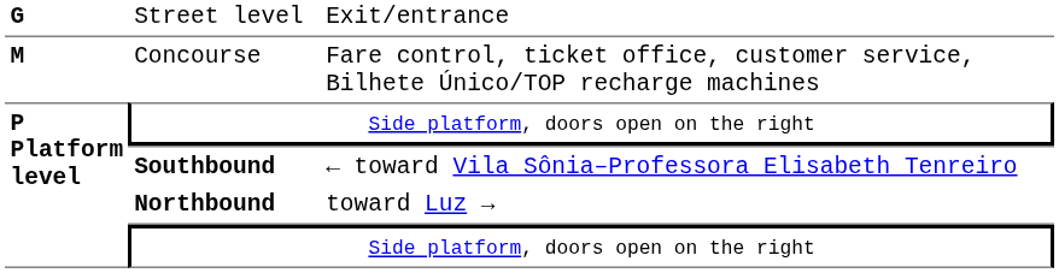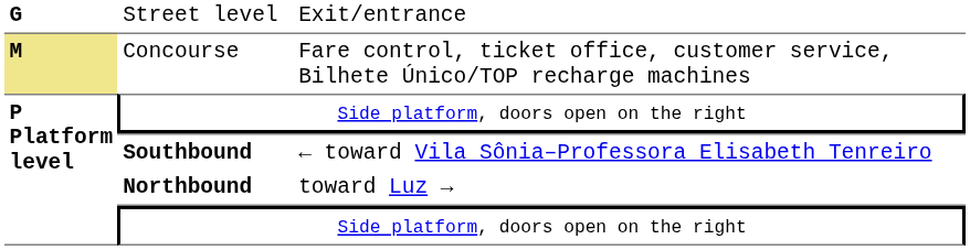 <table table border=0 cellspacing=0 cellpadding=3>
 <tr>
 <td style="vertical-align:top;" width=50><strong>G</strong></td>
 <td style="vertical-align:top;" width=100>Street level</td>
 <td style="vertical-align:top;" width=400>Exit/entrance</td>
 </tr>
 <tr>
-<td style="border-top:solid 1px gray;vertical-align:top;"><strong>M</strong></td>
+<td style="background: khaki; border-top:solid 1px gray;vertical-align:top;"><strong>M</strong></td>
 <td style="border-top:solid 1px gray;vertical-align:top;">Concourse</td>
 <td style="border-top:solid 1px gray;vertical-align:top;">Fare control, ticket office, customer service, Bilhete Único/TOP recharge machines</td>
 </tr>
 <tr>
 <td style="border-top:solid 1px gray;border-bottom:solid 1px gray;vertical-align:top;" rowspan=5><strong>P<br>Platform level</strong></td>
 </tr>
 <tr>
 <td style="border-top:solid 1px gray;border-right:solid 2px black;border-left:solid 2px black;border-bottom:solid 2px black;text-align:center;" colspan=5><small><a href='#'>Side platform</a>, doors open on the right</small></td>
 </tr>
 <tr>
 <td style="border-top:solid 1px gray;"><span><strong>Southbound</strong></span></td>
 <td style="border-top:solid 1px gray;">←  toward <a href='#'>Vila Sônia–Professora Elisabeth Tenreiro</a></td>
 </tr>
 <tr>
 <td style="border-bottom:solid 1px gray;"><span><strong>Northbound</strong></span></td>
 <td style="border-bottom:solid 1px gray;"> toward <a href='#'>Luz</a> →</td>
 </tr>
 <tr>
 <td style="border-top:solid 2px black;border-right:solid 2px black;border-left:solid 2px black;border-bottom:solid 1px gray;text-align:center;" colspan=5><small><a href='#'>Side platform</a>, doors open on the right</small></td>
 </tr>
 </table>
